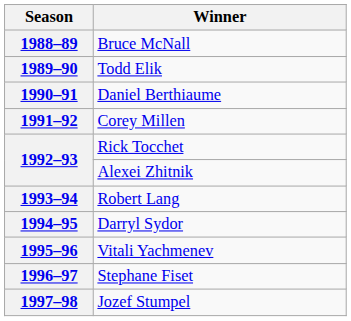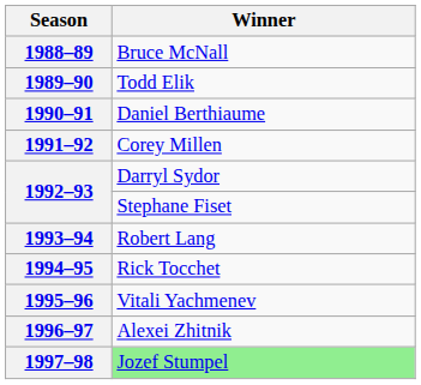 <table class="wikitable">
 <tr>
 <th scope="col" style="width:5em">Season</th>
 <th scope="col" style="width:15em">Winner</th>
 </tr>
 <tr>
 <th scope="row"><a href='#'>1988–89</a></th>
 <td><a href='#'>Bruce McNall</a></td>
 </tr>
 <tr>
 <th scope="row"><a href='#'>1989–90</a></th>
 <td><a href='#'>Todd Elik</a></td>
 </tr>
 <tr>
 <th scope="row"><a href='#'>1990–91</a></th>
 <td><a href='#'>Daniel Berthiaume</a></td>
 </tr>
 <tr>
 <th scope="row"><a href='#'>1991–92</a></th>
 <td><a href='#'>Corey Millen</a></td>
 </tr>
 <tr>
 <th scope="row" rowspan="2"><a href='#'>1992–93</a></th>
-<td><a href='#'>Rick Tocchet</a></td>
+<td><a href='#'>Darryl Sydor</a></td>
 </tr>
 <tr>
-<td><a href='#'>Alexei Zhitnik</a></td>
+<td><a href='#'>Stephane Fiset</a></td>
 </tr>
 <tr>
 <th scope="row"><a href='#'>1993–94</a></th>
 <td><a href='#'>Robert Lang</a></td>
 </tr>
 <tr>
 <th scope="row"><a href='#'>1994–95</a></th>
-<td><a href='#'>Darryl Sydor</a></td>
+<td><a href='#'>Rick Tocchet</a></td>
 </tr>
 <tr>
 <th scope="row"><a href='#'>1995–96</a></th>
 <td><a href='#'>Vitali Yachmenev</a></td>
 </tr>
 <tr>
 <th scope="row"><a href='#'>1996–97</a></th>
-<td><a href='#'>Stephane Fiset</a></td>
+<td><a href='#'>Alexei Zhitnik</a></td>
 </tr>
 <tr>
 <th scope="row"><a href='#'>1997–98</a></th>
-<td><a href='#'>Jozef Stumpel</a></td>
+<td style="background: lightgreen;"><a href='#'>Jozef Stumpel</a></td>
 </tr>
 </table>
